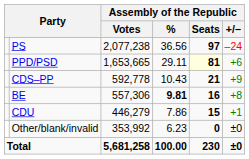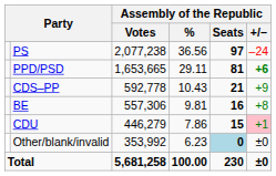 <table class="wikitable" style="text-align:right; font-size:95%;">
 <tr>
 <th colspan="2" rowspan="2">Party</th>
 <th colspan="4">Assembly of the Republic</th>
 </tr>
 <tr>
 <th>Votes</th>
 <th>%</th>
 <th>Seats</th>
 <th>+/−</th>
 </tr>
 <tr>
 <td style="background:"></td>
 <td align="left"><a href='#'>PS</a></td>
 <td>2,077,238</td>
 <td>36.56</td>
 <td><strong>97</strong></td>
 <td style="color:red;">–24</td>
 </tr>
 <tr>
 <td style="background:"></td>
 <td align="left"><a href='#'>PPD/PSD</a></td>
 <td>1,653,665</td>
 <td>29.11</td>
-<td style="background: lightyellow;"><strong>81</strong></td>
-<td style="color:green;">+6</td>
+<td><strong>81</strong></td>
+<td style="color:green;"><strong>+6</strong></td>
 </tr>
 <tr>
 <td style="background:"></td>
 <td align="left"><a href='#'>CDS–PP</a></td>
 <td>592,778</td>
 <td>10.43</td>
 <td><strong>21</strong></td>
 <td style="color:green;">+9</td>
 </tr>
 <tr>
 <td style="background:"></td>
 <td align="left"><a href='#'>BE</a></td>
 <td>557,306</td>
-<td><strong>9.81</strong></td>
+<td>9.81</td>
 <td><strong>16</strong></td>
 <td style="color:green;">+8</td>
 </tr>
 <tr>
 <td style="background:"></td>
 <td align="left"><a href='#'>CDU</a></td>
 <td>446,279</td>
 <td>7.86</td>
 <td><strong>15</strong></td>
-<td style="color:green;">+1</td>
+<td style="background: pink; color:green;">+1</td>
 </tr>
 <tr>
 <td style="background:white;"></td>
 <td align="left">Other/blank/invalid</td>
 <td>353,992</td>
 <td>6.23</td>
-<td><strong>0</strong></td>
+<td style="background: lightblue;"><strong>0</strong></td>
 <td>±0</td>
 </tr>
 <tr style="font-weight:bold">
 <td colspan="2" align="left">Total</td>
 <td>5,681,258</td>
 <td>100.00</td>
 <td>230</td>
 <td>±0</td>
 </tr>
 </table>
